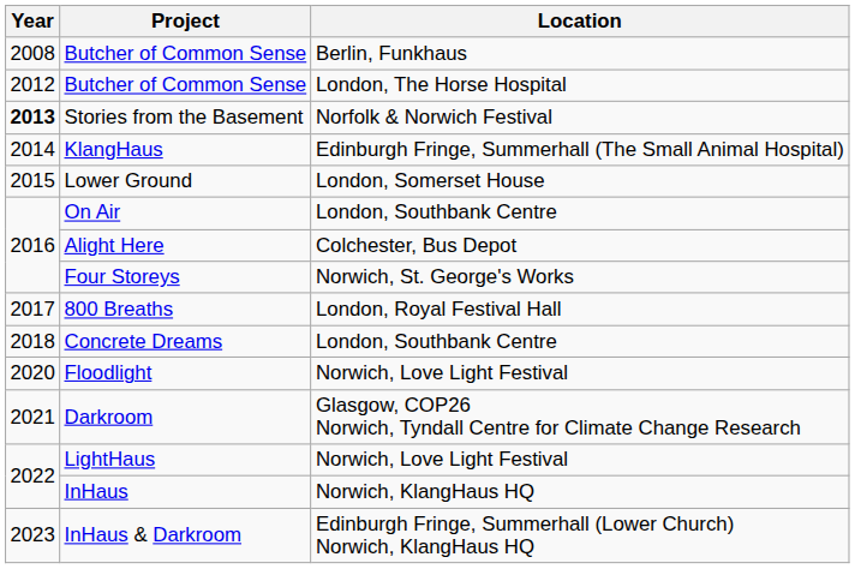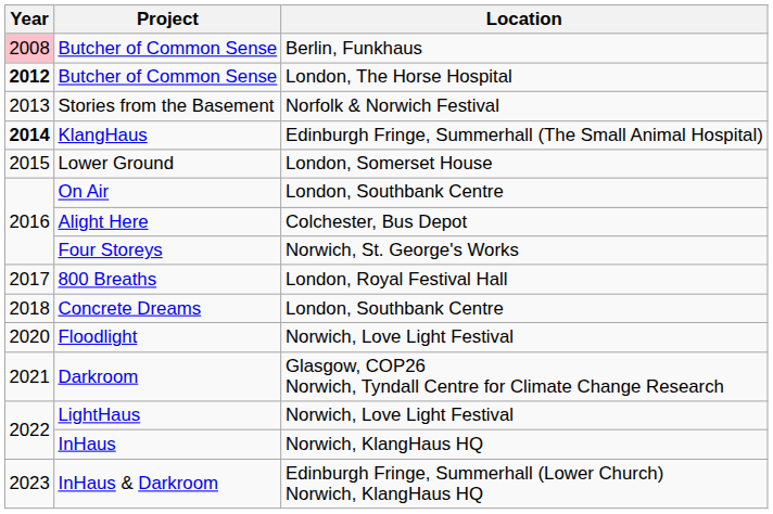 <table class="wikitable">
 <tr>
 <th>Year</th>
 <th>Project</th>
 <th>Location</th>
 </tr>
 <tr>
-<td>2008</td>
+<td style="background: pink;">2008</td>
 <td><a href='#'>Butcher of Common Sense</a></td>
 <td>Berlin, Funkhaus</td>
 </tr>
 <tr>
-<td>2012</td>
+<td><strong>2012</strong></td>
 <td><a href='#'>Butcher of Common Sense</a></td>
 <td>London, The Horse Hospital</td>
 </tr>
 <tr>
-<td><strong>2013</strong></td>
+<td>2013</td>
 <td>Stories from the Basement</td>
 <td>Norfolk & Norwich Festival</td>
 </tr>
 <tr>
-<td>2014</td>
+<td><strong>2014</strong></td>
 <td><a href='#'>KlangHaus</a></td>
 <td>Edinburgh Fringe, Summerhall (The Small Animal Hospital)</td>
 </tr>
 <tr>
 <td>2015</td>
 <td>Lower Ground</td>
 <td>London, Somerset House</td>
 </tr>
 <tr>
 <td rowspan="3">2016</td>
 <td><a href='#'>On Air</a></td>
 <td>London, Southbank Centre</td>
 </tr>
 <tr>
 <td><a href='#'>Alight Here</a></td>
 <td>Colchester, Bus Depot</td>
 </tr>
 <tr>
 <td><a href='#'>Four Storeys</a></td>
 <td>Norwich, St. George's Works</td>
 </tr>
 <tr>
 <td>2017</td>
 <td><a href='#'>800 Breaths</a></td>
 <td>London, Royal Festival Hall</td>
 </tr>
 <tr>
 <td>2018</td>
 <td><a href='#'>Concrete Dreams</a></td>
 <td>London, Southbank Centre</td>
 </tr>
 <tr>
 <td>2020</td>
 <td><a href='#'>Floodlight</a></td>
 <td>Norwich, Love Light Festival</td>
 </tr>
 <tr>
 <td>2021</td>
 <td><a href='#'>Darkroom</a></td>
 <td>Glasgow, COP26<br>Norwich, Tyndall Centre for Climate Change Research</td>
 </tr>
 <tr>
 <td rowspan="2">2022</td>
 <td><a href='#'>LightHaus</a></td>
 <td>Norwich, Love Light Festival</td>
 </tr>
 <tr>
 <td><a href='#'>InHaus</a></td>
 <td>Norwich, KlangHaus HQ</td>
 </tr>
 <tr>
 <td>2023</td>
 <td><a href='#'>InHaus</a> & <a href='#'>Darkroom</a></td>
 <td>Edinburgh Fringe, Summerhall (Lower Church)<br>Norwich, KlangHaus HQ</td>
 </tr>
 </table>
